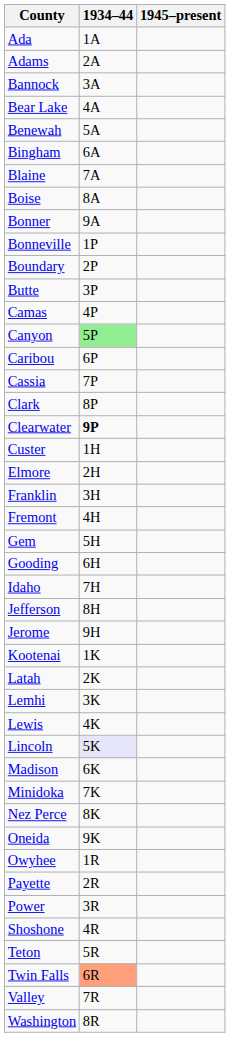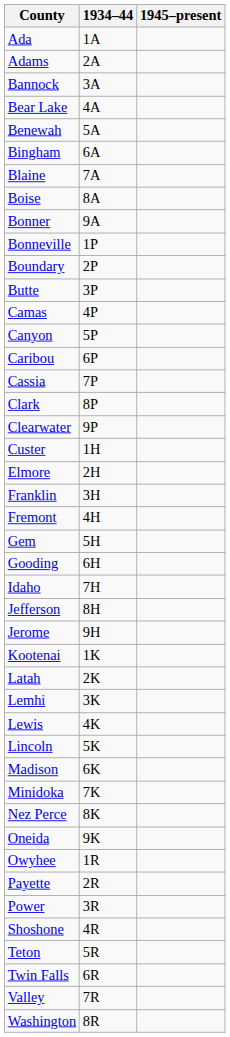 <table class="wikitable collapsible autocollapse sortable">
 <tr>
 <th>County</th>
 <th>1934–44</th>
 <th>1945–present</th>
 </tr>
 <tr>
 <td><a href='#'>Ada</a></td>
 <td>1A</td>
 <td></td>
 </tr>
 <tr>
 <td><a href='#'>Adams</a></td>
 <td>2A</td>
 <td></td>
 </tr>
 <tr>
 <td><a href='#'>Bannock</a></td>
 <td>3A</td>
 <td></td>
 </tr>
 <tr>
 <td><a href='#'>Bear Lake</a></td>
 <td>4A</td>
 <td></td>
 </tr>
 <tr>
 <td><a href='#'>Benewah</a></td>
 <td>5A</td>
 <td></td>
 </tr>
 <tr>
 <td><a href='#'>Bingham</a></td>
 <td>6A</td>
 <td></td>
 </tr>
 <tr>
 <td><a href='#'>Blaine</a></td>
 <td>7A</td>
 <td></td>
 </tr>
 <tr>
 <td><a href='#'>Boise</a></td>
 <td>8A</td>
 <td></td>
 </tr>
 <tr>
 <td><a href='#'>Bonner</a></td>
 <td>9A</td>
 <td></td>
 </tr>
 <tr>
 <td><a href='#'>Bonneville</a></td>
 <td>1P</td>
 <td></td>
 </tr>
 <tr>
 <td><a href='#'>Boundary</a></td>
 <td>2P</td>
 <td></td>
 </tr>
 <tr>
 <td><a href='#'>Butte</a></td>
 <td>3P</td>
 <td></td>
 </tr>
 <tr>
 <td><a href='#'>Camas</a></td>
 <td>4P</td>
 <td></td>
 </tr>
 <tr>
 <td><a href='#'>Canyon</a></td>
-<td style="background: lightgreen;">5P</td>
+<td>5P</td>
 <td></td>
 </tr>
 <tr>
 <td><a href='#'>Caribou</a></td>
 <td>6P</td>
 <td></td>
 </tr>
 <tr>
 <td><a href='#'>Cassia</a></td>
 <td>7P</td>
 <td></td>
 </tr>
 <tr>
 <td><a href='#'>Clark</a></td>
 <td>8P</td>
 <td></td>
 </tr>
 <tr>
 <td><a href='#'>Clearwater</a></td>
-<td><strong>9P</strong></td>
+<td>9P</td>
 <td></td>
 </tr>
 <tr>
 <td><a href='#'>Custer</a></td>
 <td>1H</td>
 <td></td>
 </tr>
 <tr>
 <td><a href='#'>Elmore</a></td>
 <td>2H</td>
 <td></td>
 </tr>
 <tr>
 <td><a href='#'>Franklin</a></td>
 <td>3H</td>
 <td></td>
 </tr>
 <tr>
 <td><a href='#'>Fremont</a></td>
 <td>4H</td>
 <td></td>
 </tr>
 <tr>
 <td><a href='#'>Gem</a></td>
 <td>5H</td>
 <td></td>
 </tr>
 <tr>
 <td><a href='#'>Gooding</a></td>
 <td>6H</td>
 <td></td>
 </tr>
 <tr>
 <td><a href='#'>Idaho</a></td>
 <td>7H</td>
 <td></td>
 </tr>
 <tr>
 <td><a href='#'>Jefferson</a></td>
 <td>8H</td>
 <td></td>
 </tr>
 <tr>
 <td><a href='#'>Jerome</a></td>
 <td>9H</td>
 <td></td>
 </tr>
 <tr>
 <td><a href='#'>Kootenai</a></td>
 <td>1K</td>
 <td></td>
 </tr>
 <tr>
 <td><a href='#'>Latah</a></td>
 <td>2K</td>
 <td></td>
 </tr>
 <tr>
 <td><a href='#'>Lemhi</a></td>
 <td>3K</td>
 <td></td>
 </tr>
 <tr>
 <td><a href='#'>Lewis</a></td>
 <td>4K</td>
 <td></td>
 </tr>
 <tr>
 <td><a href='#'>Lincoln</a></td>
-<td style="background: lavender;">5K</td>
+<td>5K</td>
 <td></td>
 </tr>
 <tr>
 <td><a href='#'>Madison</a></td>
 <td>6K</td>
 <td></td>
 </tr>
 <tr>
 <td><a href='#'>Minidoka</a></td>
 <td>7K</td>
 <td></td>
 </tr>
 <tr>
 <td><a href='#'>Nez Perce</a></td>
 <td>8K</td>
 <td></td>
 </tr>
 <tr>
 <td><a href='#'>Oneida</a></td>
 <td>9K</td>
 <td></td>
 </tr>
 <tr>
 <td><a href='#'>Owyhee</a></td>
 <td>1R</td>
 <td></td>
 </tr>
 <tr>
 <td><a href='#'>Payette</a></td>
 <td>2R</td>
 <td></td>
 </tr>
 <tr>
 <td><a href='#'>Power</a></td>
 <td>3R</td>
 <td></td>
 </tr>
 <tr>
 <td><a href='#'>Shoshone</a></td>
 <td>4R</td>
 <td></td>
 </tr>
 <tr>
 <td><a href='#'>Teton</a></td>
 <td>5R</td>
 <td></td>
 </tr>
 <tr>
 <td><a href='#'>Twin Falls</a></td>
-<td style="background: lightsalmon;">6R</td>
+<td>6R</td>
 <td></td>
 </tr>
 <tr>
 <td><a href='#'>Valley</a></td>
 <td>7R</td>
 <td></td>
 </tr>
 <tr>
 <td><a href='#'>Washington</a></td>
 <td>8R</td>
 <td></td>
 </tr>
 </table>
